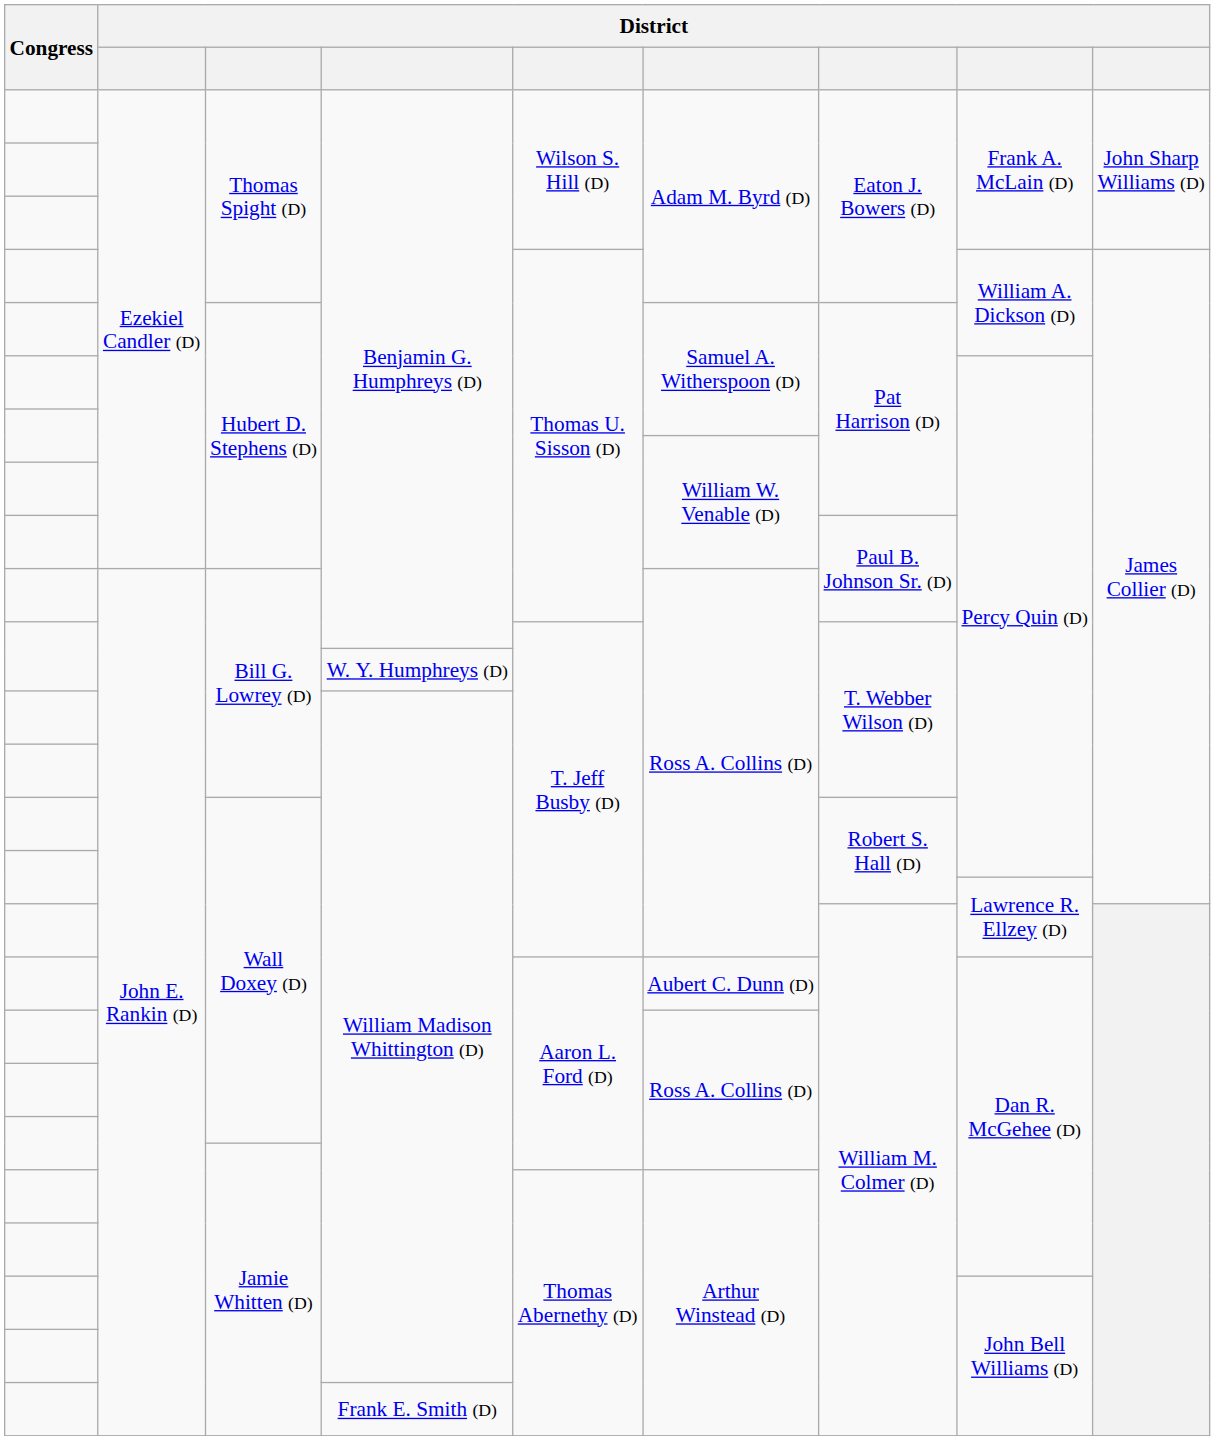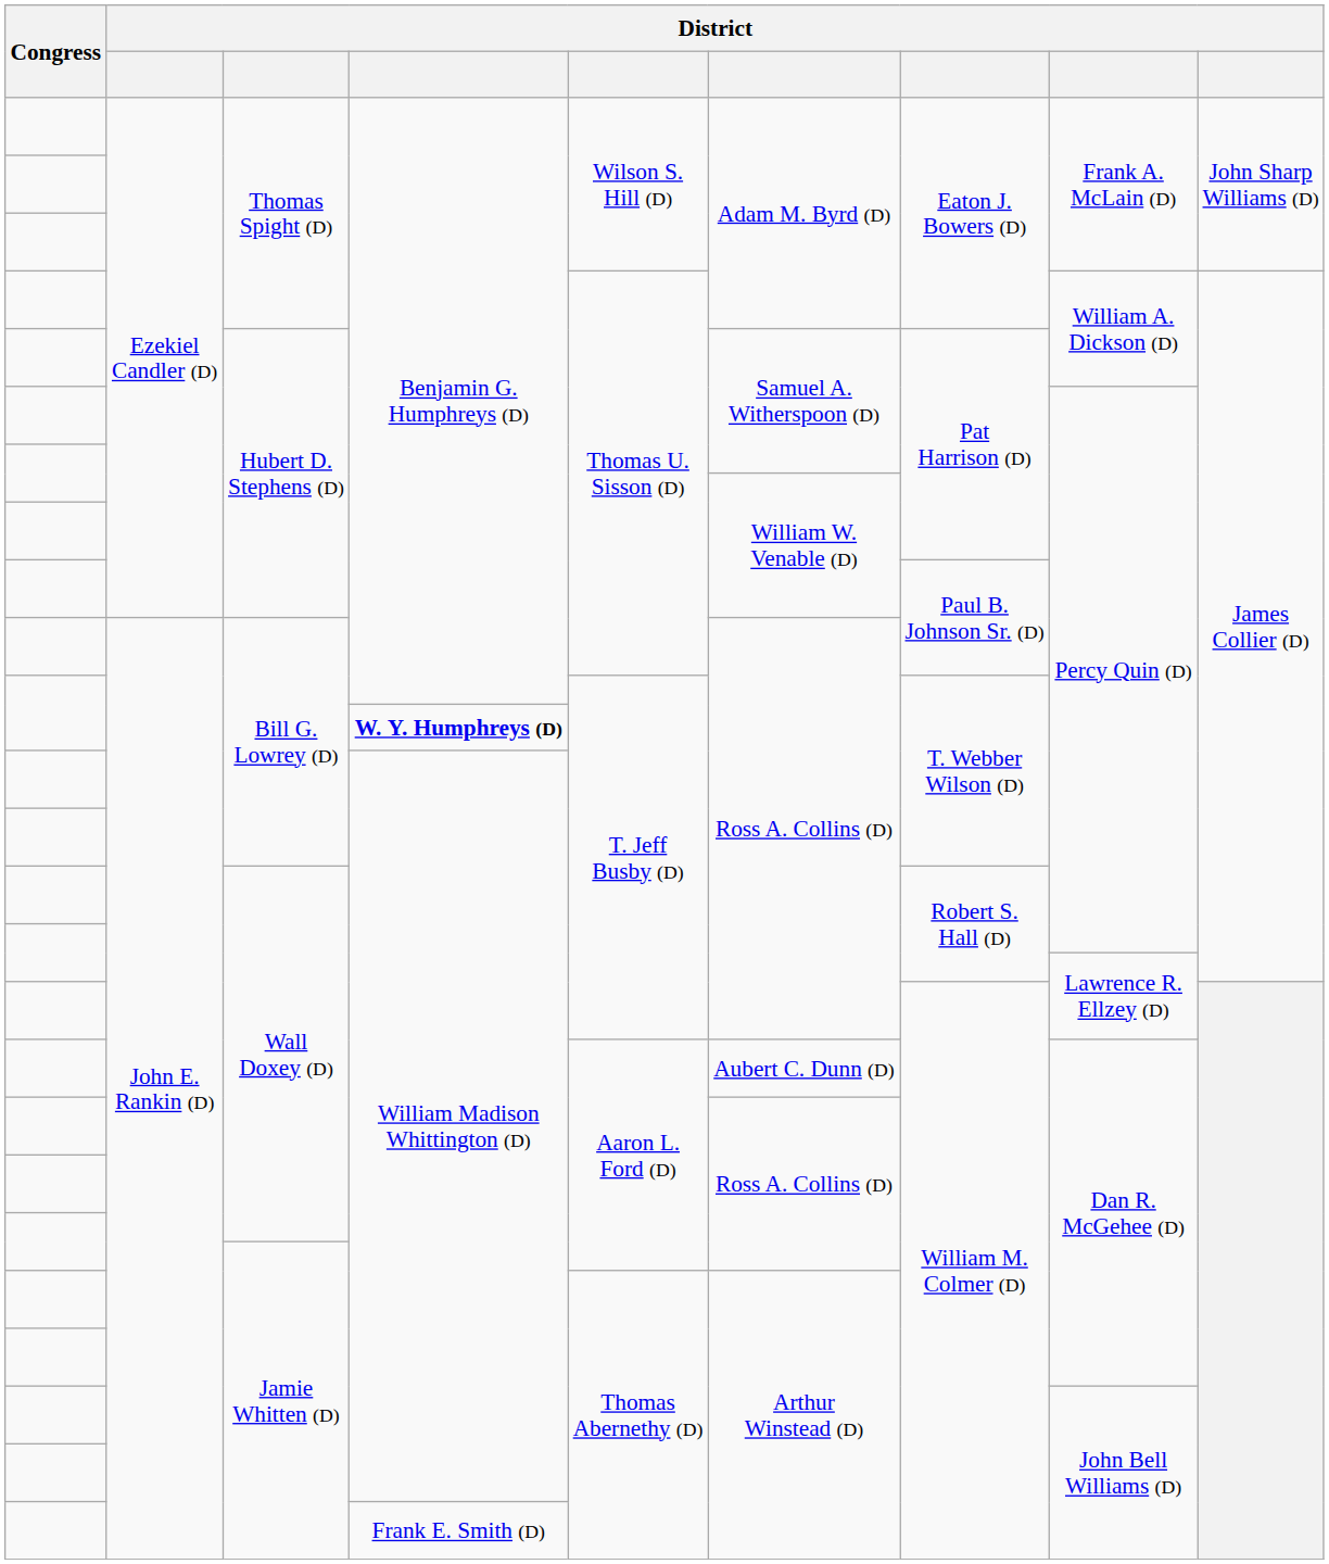 <table class="wikitable sticky-header-multi sortable" style=text-align:center>
 <tr style="height:2em">
 <th rowspan=2 class=unsortable>Congress</th>
 <th colspan=8>District</th>
 </tr>
 <tr style="height:2em">
 <th class=unsortable></th>
 <th class=unsortable></th>
 <th class=unsortable></th>
 <th class=unsortable></th>
 <th class=unsortable></th>
 <th class=unsortable></th>
 <th class=unsortable></th>
 <th class=unsortable></th>
 </tr>
 <tr style="height:2.5em">
 <td><strong></strong> </td>
 <td rowspan=10 ><a href='#'>Ezekiel<br>Candler</a> <small>(D)</small></td>
 <td rowspan=4 ><a href='#'>Thomas<br>Spight</a> <small>(D)</small></td>
 <td rowspan=12 ><a href='#'>Benjamin G.<br>Humphreys</a> <small>(D)</small></td>
 <td rowspan=3 ><a href='#'>Wilson S.<br>Hill</a> <small>(D)</small></td>
 <td rowspan=4 ><a href='#'>Adam M. Byrd</a> <small>(D)</small></td>
 <td rowspan=4 ><a href='#'>Eaton J.<br>Bowers</a> <small>(D)</small></td>
 <td rowspan=3 ><a href='#'>Frank A.<br>McLain</a> <small>(D)</small></td>
 <td rowspan=3 ><a href='#'>John Sharp<br>Williams</a> <small>(D)</small></td>
 </tr>
 <tr style="height:2.5em">
 <td><strong></strong> </td>
 </tr>
 <tr style="height:2.5em">
 <td><strong></strong> </td>
 </tr>
 <tr style="height:2.5em">
 <td><strong></strong> </td>
 <td rowspan=8 ><a href='#'>Thomas U.<br>Sisson</a> <small>(D)</small></td>
 <td rowspan=2 ><a href='#'>William A.<br>Dickson</a> <small>(D)</small></td>
 <td rowspan=15 ><a href='#'>James<br>Collier</a> <small>(D)</small></td>
 </tr>
 <tr style="height:2.5em">
 <td><strong></strong> </td>
 <td rowspan=6 ><a href='#'>Hubert D.<br>Stephens</a> <small>(D)</small></td>
 <td rowspan=3 ><a href='#'>Samuel A.<br>Witherspoon</a> <small>(D)</small></td>
 <td rowspan=5 ><a href='#'>Pat<br>Harrison</a> <small>(D)</small></td>
 </tr>
 <tr style="height:2.5em">
 <td><strong></strong> </td>
 <td rowspan=12 ><a href='#'>Percy Quin</a> <small>(D)</small></td>
 </tr>
 <tr style="height:1.25em">
 <td rowspan=2><strong></strong> </td>
 </tr>
 <tr style="height:1.25em">
 <td rowspan=3 ><a href='#'>William W.<br>Venable</a> <small>(D)</small></td>
 </tr>
 <tr style="height:2.5em">
 <td><strong></strong> </td>
 </tr>
 <tr style="height:2.5em">
 <td><strong></strong> </td>
 <td rowspan=2 ><a href='#'>Paul B.<br>Johnson Sr.</a> <small>(D)</small></td>
 </tr>
 <tr style="height:2.5em">
 <td><strong></strong> </td>
 <td rowspan=19 ><a href='#'>John E.<br>Rankin</a> <small>(D)</small></td>
 <td rowspan=5 ><a href='#'>Bill G.<br>Lowrey</a> <small>(D)</small></td>
 <td rowspan=9 ><a href='#'>Ross A. Collins</a> <small>(D)</small></td>
 </tr>
 <tr style="height:1.25em">
 <td rowspan=2><strong></strong> </td>
 <td rowspan=8 ><a href='#'>T. Jeff<br>Busby</a> <small>(D)</small></td>
 <td rowspan=4 ><a href='#'>T. Webber<br>Wilson</a> <small>(D)</small></td>
 </tr>
 <tr style="height:2em">
-<td><a href='#'>W. Y. Humphreys</a> <small>(D)</small></td>
+<td><strong><a href='#'>W. Y. Humphreys</a> <small>(D)</small></strong></td>
 </tr>
 <tr style="height:2.5em">
 <td><strong></strong> </td>
 <td rowspan=15 ><a href='#'>William Madison<br>Whittington</a> <small>(D)</small></td>
 </tr>
 <tr style="height:2.5em">
 <td><strong></strong> </td>
 </tr>
 <tr style="height:2.5em">
 <td><strong></strong> </td>
 <td rowspan=8 ><a href='#'>Wall<br>Doxey</a> <small>(D)</small></td>
 <td rowspan=3 ><a href='#'>Robert S.<br>Hall</a> <small>(D)</small></td>
 </tr>
 <tr style="height:1.25em">
 <td rowspan=2><strong></strong> </td>
 </tr>
 <tr style="height:1.25em">
 <td rowspan=2 ><a href='#'>Lawrence R.<br>Ellzey</a> <small>(D)</small></td>
 </tr>
 <tr style="height:2.5em">
 <td><strong></strong> </td>
 <td rowspan="11" ><a href='#'>William M.<br>Colmer</a> <small>(D)</small></td>
 <th rowspan=99></th>
 </tr>
 <tr style="height:2.5em">
 <td><strong></strong> </td>
 <td rowspan=5 ><a href='#'>Aaron L.<br>Ford</a> <small>(D)</small></td>
 <td><a href='#'>Aubert C. Dunn</a> <small>(D)</small></td>
 <td rowspan=7 ><a href='#'>Dan R.<br>McGehee</a> <small>(D)</small></td>
 </tr>
 <tr style="height:2.5em">
 <td><strong></strong> </td>
 <td rowspan=4 ><a href='#'>Ross A. Collins</a> <small>(D)</small></td>
 </tr>
 <tr style="height:2.5em">
 <td><strong></strong> </td>
 </tr>
 <tr style="height:1.25em">
 <td rowspan=2><strong></strong> </td>
 </tr>
 <tr style="height:1.25em">
 <td rowspan="6" ><a href='#'>Jamie<br>Whitten</a> <small>(D)</small></td>
 </tr>
 <tr style="height:2.5em">
 <td><strong></strong> </td>
 <td rowspan=5 ><a href='#'>Thomas<br>Abernethy</a> <small>(D)</small></td>
 <td rowspan=5 ><a href='#'>Arthur<br>Winstead</a> <small>(D)</small></td>
 </tr>
 <tr style="height:2.5em">
 <td><strong></strong> </td>
 </tr>
 <tr style="height:2.5em">
 <td><strong></strong> </td>
 <td rowspan=3 ><a href='#'>John Bell<br>Williams</a> <small>(D)</small></td>
 </tr>
 <tr style="height:2.5em">
 <td><strong></strong> </td>
 </tr>
 <tr style="height:2.5em">
 <td><strong></strong> </td>
 <td><a href='#'>Frank E. Smith</a> <small>(D)</small></td>
 </tr>
 </table>
